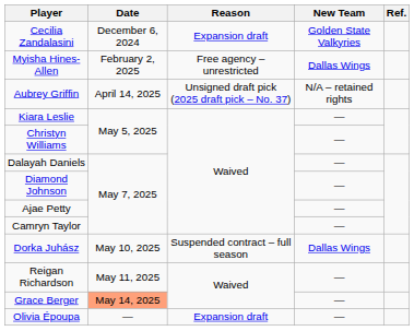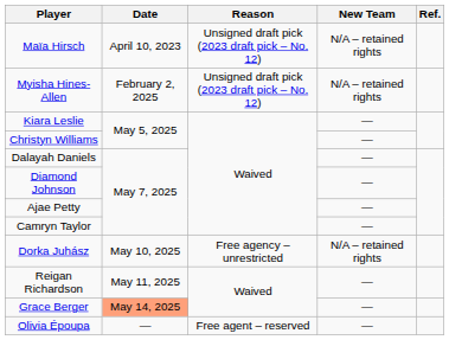 <table class="wikitable sortable sortable" style="text-align: center">
 <tr>
 <th>Player</th>
 <th>Date</th>
 <th>Reason</th>
 <th>New Team</th>
 <th>Ref.</th>
 </tr>
 <tr>
-<td><a href='#'>Cecilia Zandalasini</a></td>
-<td>December 6, 2024</td>
-<td><a href='#'>Expansion draft</a></td>
-<td><a href='#'>Golden State Valkyries</a></td>
+<td><a href='#'>Maïa Hirsch</a></td>
+<td>April 10, 2023</td>
+<td>Unsigned draft pick<br>(<a href='#'>2023 draft pick – No. 12</a>)</td>
+<td>N/A – retained rights</td>
 <td></td>
 </tr>
 <tr>
 <td><a href='#'>Myisha Hines-Allen</a></td>
 <td>February 2, 2025</td>
-<td>Free agency – unrestricted</td>
-<td><a href='#'>Dallas Wings</a></td>
-<td></td>
-</tr>
-<tr>
-<td><a href='#'>Aubrey Griffin</a></td>
-<td>April 14, 2025</td>
-<td>Unsigned draft pick<br>(<a href='#'>2025 draft pick – No. 37</a>)</td>
+<td>Unsigned draft pick<br>(<a href='#'>2023 draft pick – No. 12</a>)</td>
 <td>N/A – retained rights</td>
 <td></td>
 </tr>
 <tr>
 <td><a href='#'>Kiara Leslie</a></td>
 <td rowspan=2>May 5, 2025</td>
 <td rowspan=6>Waived</td>
 <td>—</td>
 <td rowspan=2></td>
 </tr>
 <tr>
 <td><a href='#'>Christyn Williams</a></td>
 <td>—</td>
 </tr>
 <tr>
 <td>Dalayah Daniels</td>
 <td rowspan=4>May 7, 2025</td>
 <td>—</td>
 <td rowspan=4></td>
 </tr>
 <tr>
 <td><a href='#'>Diamond Johnson</a></td>
 <td>—</td>
 </tr>
 <tr>
 <td>Ajae Petty</td>
 <td>—</td>
 </tr>
 <tr>
 <td>Camryn Taylor</td>
 <td>—</td>
 </tr>
 <tr>
 <td><a href='#'>Dorka Juhász</a></td>
 <td>May 10, 2025</td>
-<td>Suspended contract – full season</td>
-<td><a href='#'>Dallas Wings</a></td>
+<td>Free agency – unrestricted</td>
+<td>N/A – retained rights</td>
 <td></td>
 </tr>
 <tr>
 <td>Reigan Richardson</td>
 <td>May 11, 2025</td>
 <td rowspan="2">Waived</td>
 <td>—</td>
 <td></td>
 </tr>
 <tr>
 <td><a href='#'>Grace Berger</a></td>
 <td style="background: lightsalmon;">May 14, 2025</td>
 <td>—</td>
 <td></td>
 </tr>
 <tr>
 <td><a href='#'>Olivia Époupa</a></td>
 <td>—</td>
-<td><a href='#'>Expansion draft</a></td>
+<td>Free agent – reserved</td>
 <td>—</td>
 <td></td>
 </tr>
 </table>
